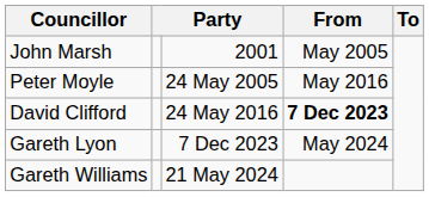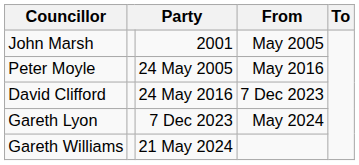 <table class=wikitable>
 <tr>
 <th>Councillor</th>
 <th colspan=2>Party</th>
 <th>From</th>
 <th>To</th>
 </tr>
 <tr>
 <td>John Marsh</td>
 <td></td>
 <td align=right>2001</td>
 <td align=right>May 2005</td>
 </tr>
 <tr>
 <td>Peter Moyle</td>
 <td></td>
 <td align=right>24 May 2005</td>
 <td align=right>May 2016</td>
 </tr>
 <tr>
 <td>David Clifford</td>
 <td></td>
 <td align=right>24 May 2016</td>
-<td align=right><strong>7 Dec 2023</strong></td>
+<td align=right>7 Dec 2023</td>
 </tr>
 <tr>
 <td>Gareth Lyon</td>
 <td></td>
 <td align=right>7 Dec 2023</td>
 <td align=right>May 2024</td>
 </tr>
 <tr>
 <td>Gareth Williams</td>
 <td></td>
 <td align=right>21 May 2024</td>
 <td></td>
 </tr>
 </table>
